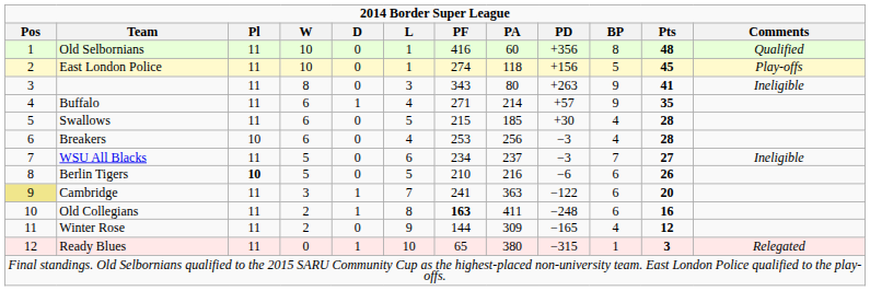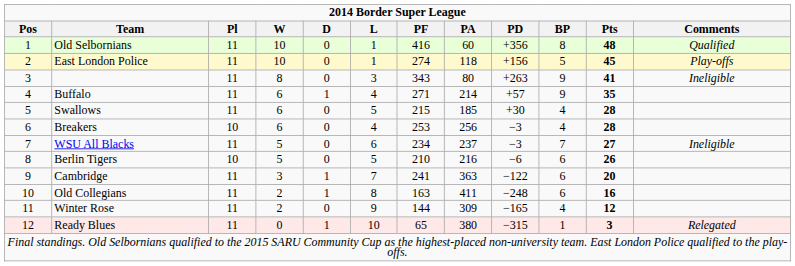 <table class="wikitable"  style="text-align:center; line-height:90%; font-size:90%; width:75%;">
 <tr>
 <td colspan=12><strong>2014 Border Super League</strong></td>
 </tr>
 <tr>
 <th style="width:6%;">Pos</th>
 <th style="width:20%;">Team</th>
 <th style="width:6%;">Pl</th>
 <th style="width:6%;">W</th>
 <th style="width:6%;">D</th>
 <th style="width:6%;">L</th>
 <th style="width:6%;">PF</th>
 <th style="width:6%;">PA</th>
 <th style="width:6%;">PD</th>
 <th style="width:6%;">BP</th>
 <th style="width:6%;">Pts</th>
 <th style="width:20%;">Comments<br></th>
 </tr>
 <tr bgcolor="#E8FFD8">
 <td>1</td>
 <td style="text-align:left;">Old Selbornians</td>
 <td>11</td>
 <td>10</td>
 <td>0</td>
 <td>1</td>
 <td>416</td>
 <td>60</td>
 <td>+356</td>
 <td>8</td>
 <td><strong>48</strong></td>
 <td><em>Qualified</em></td>
 </tr>
 <tr bgcolor="#FFFACD">
 <td>2</td>
 <td style="text-align:left;">East London Police</td>
 <td>11</td>
 <td>10</td>
 <td>0</td>
 <td>1</td>
 <td>274</td>
 <td>118</td>
 <td>+156</td>
 <td>5</td>
 <td><strong>45</strong></td>
 <td><em>Play-offs</em></td>
 </tr>
 <tr>
 <td>3</td>
 <td style="text-align:left;"></td>
 <td>11</td>
 <td>8</td>
 <td>0</td>
 <td>3</td>
 <td>343</td>
 <td>80</td>
 <td>+263</td>
 <td>9</td>
 <td><strong>41</strong></td>
 <td><em>Ineligible</em></td>
 </tr>
 <tr>
 <td>4</td>
 <td style="text-align:left;">Buffalo</td>
 <td>11</td>
 <td>6</td>
 <td>1</td>
 <td>4</td>
 <td>271</td>
 <td>214</td>
 <td>+57</td>
 <td>9</td>
 <td><strong>35</strong></td>
 <td></td>
 </tr>
 <tr>
 <td>5</td>
 <td style="text-align:left;">Swallows</td>
 <td>11</td>
 <td>6</td>
 <td>0</td>
 <td>5</td>
 <td>215</td>
 <td>185</td>
 <td>+30</td>
 <td>4</td>
 <td><strong>28</strong></td>
 <td></td>
 </tr>
 <tr>
 <td>6</td>
 <td style="text-align:left;">Breakers</td>
 <td>10</td>
 <td>6</td>
 <td>0</td>
 <td>4</td>
 <td>253</td>
 <td>256</td>
 <td>−3</td>
 <td>4</td>
 <td><strong>28</strong></td>
 <td></td>
 </tr>
 <tr>
 <td>7</td>
 <td style="text-align:left;"><a href='#'>WSU All Blacks</a></td>
 <td>11</td>
 <td>5</td>
 <td>0</td>
 <td>6</td>
 <td>234</td>
 <td>237</td>
 <td>−3</td>
 <td>7</td>
 <td><strong>27</strong></td>
 <td><em>Ineligible</em></td>
 </tr>
 <tr>
 <td>8</td>
 <td style="text-align:left;">Berlin Tigers</td>
-<td><strong>10</strong></td>
+<td>10</td>
 <td>5</td>
 <td>0</td>
 <td>5</td>
 <td>210</td>
 <td>216</td>
 <td>−6</td>
 <td>6</td>
 <td><strong>26</strong></td>
 <td></td>
 </tr>
 <tr>
-<td style="background: khaki;">9</td>
+<td>9</td>
 <td style="text-align:left;">Cambridge</td>
 <td>11</td>
 <td>3</td>
 <td>1</td>
 <td>7</td>
 <td>241</td>
 <td>363</td>
 <td>−122</td>
 <td>6</td>
 <td><strong>20</strong></td>
 <td></td>
 </tr>
 <tr>
 <td>10</td>
 <td style="text-align:left;">Old Collegians</td>
 <td>11</td>
 <td>2</td>
 <td>1</td>
 <td>8</td>
-<td><strong>163</strong></td>
+<td>163</td>
 <td>411</td>
 <td>−248</td>
 <td>6</td>
 <td><strong>16</strong></td>
 <td></td>
 </tr>
 <tr>
 <td>11</td>
 <td style="text-align:left;">Winter Rose</td>
 <td>11</td>
 <td>2</td>
 <td>0</td>
 <td>9</td>
 <td>144</td>
 <td>309</td>
 <td>−165</td>
 <td>4</td>
 <td><strong>12</strong></td>
 <td></td>
 </tr>
 <tr bgcolor="#FFE8E8">
 <td>12</td>
 <td style="text-align:left;">Ready Blues</td>
 <td>11</td>
 <td>0</td>
 <td>1</td>
 <td>10</td>
 <td>65</td>
 <td>380</td>
 <td>−315</td>
 <td>1</td>
 <td><strong>3</strong></td>
 <td><em>Relegated</em></td>
 </tr>
 <tr>
 <td colspan=12><em>Final standings. Old Selbornians qualified to the 2015 SARU Community Cup as the highest-placed non-university team. East London Police qualified to the play-offs.</em></td>
 </tr>
 </table>
